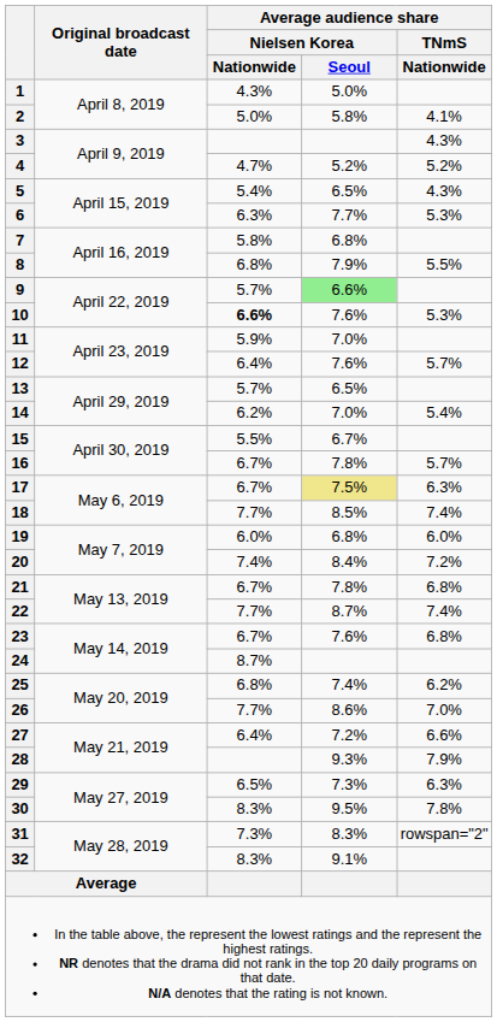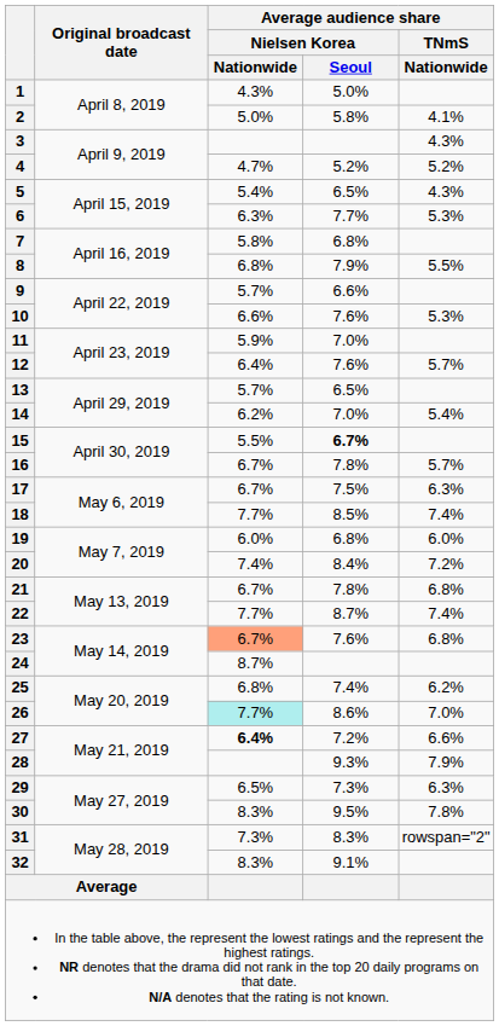 <table class="wikitable" style="text-align:center; width:500px">
 <tr>
 <th rowspan="3"></th>
 <th rowspan="3">Original broadcast date</th>
 <th colspan="3">Average audience share</th>
 </tr>
 <tr>
 <th colspan="2">Nielsen Korea</th>
 <th colspan="1">TNmS</th>
 </tr>
 <tr>
 <th width="90">Nationwide</th>
 <th width="90"><a href='#'>Seoul</a></th>
 <th width="90">Nationwide</th>
 </tr>
 <tr>
 <th>1</th>
 <td rowspan="2">April 8, 2019</td>
 <td>4.3% </td>
 <td>5.0% </td>
 <td></td>
 </tr>
 <tr>
 <th>2</th>
 <td>5.0% </td>
 <td>5.8% </td>
 <td>4.1%</td>
 </tr>
 <tr>
 <th>3</th>
 <td rowspan="2">April 9, 2019</td>
 <td> </td>
 <td> </td>
 <td>4.3%</td>
 </tr>
 <tr>
 <th>4</th>
 <td>4.7% </td>
 <td>5.2% </td>
 <td>5.2%</td>
 </tr>
 <tr>
 <th>5</th>
 <td rowspan="2">April 15, 2019</td>
 <td>5.4% </td>
 <td>6.5% </td>
 <td>4.3%</td>
 </tr>
 <tr>
 <th>6</th>
 <td>6.3% </td>
 <td>7.7% </td>
 <td>5.3%</td>
 </tr>
 <tr>
 <th>7</th>
 <td rowspan="2">April 16, 2019</td>
 <td>5.8% </td>
 <td>6.8% </td>
 <td></td>
 </tr>
 <tr>
 <th>8</th>
 <td>6.8% </td>
 <td>7.9% </td>
 <td>5.5%</td>
 </tr>
 <tr>
 <th>9</th>
 <td rowspan="2">April 22, 2019</td>
 <td>5.7% </td>
-<td style="background: lightgreen;">6.6% </td>
+<td>6.6% </td>
 <td></td>
 </tr>
 <tr>
 <th>10</th>
-<td><strong>6.6% </strong></td>
+<td>6.6% </td>
 <td>7.6% </td>
 <td>5.3%</td>
 </tr>
 <tr>
 <th>11</th>
 <td rowspan="2">April 23, 2019</td>
 <td>5.9% </td>
 <td>7.0% </td>
 <td></td>
 </tr>
 <tr>
 <th>12</th>
 <td>6.4% </td>
 <td>7.6% </td>
 <td>5.7%</td>
 </tr>
 <tr>
 <th>13</th>
 <td rowspan="2">April 29, 2019</td>
 <td>5.7% </td>
 <td>6.5% </td>
 <td></td>
 </tr>
 <tr>
 <th>14</th>
 <td>6.2% </td>
 <td>7.0% </td>
 <td>5.4%</td>
 </tr>
 <tr>
 <th>15</th>
 <td rowspan="2">April 30, 2019</td>
 <td>5.5% </td>
-<td>6.7% </td>
+<td><strong>6.7% </strong></td>
 <td></td>
 </tr>
 <tr>
 <th>16</th>
 <td>6.7% </td>
 <td>7.8% </td>
 <td>5.7%</td>
 </tr>
 <tr>
 <th>17</th>
 <td rowspan="2">May 6, 2019</td>
 <td>6.7% </td>
-<td style="background: khaki;">7.5% </td>
+<td>7.5% </td>
 <td>6.3%</td>
 </tr>
 <tr>
 <th>18</th>
 <td>7.7% </td>
 <td>8.5% </td>
 <td>7.4%</td>
 </tr>
 <tr>
 <th>19</th>
 <td rowspan="2">May 7, 2019</td>
 <td>6.0% </td>
 <td>6.8% </td>
 <td>6.0%</td>
 </tr>
 <tr>
 <th>20</th>
 <td>7.4% </td>
 <td>8.4% </td>
 <td>7.2%</td>
 </tr>
 <tr>
 <th>21</th>
 <td rowspan="2">May 13, 2019</td>
 <td>6.7% </td>
 <td>7.8% </td>
 <td>6.8%</td>
 </tr>
 <tr>
 <th>22</th>
 <td>7.7% </td>
 <td>8.7% </td>
 <td>7.4%</td>
 </tr>
 <tr>
 <th>23</th>
 <td rowspan="2">May 14, 2019</td>
-<td>6.7% </td>
+<td style="background: lightsalmon;">6.7% </td>
 <td>7.6% </td>
 <td>6.8%</td>
 </tr>
 <tr>
 <th>24</th>
 <td>8.7% </td>
 <td> </td>
 <td></td>
 </tr>
 <tr>
 <th>25</th>
 <td rowspan="2">May 20, 2019</td>
 <td>6.8% </td>
 <td>7.4% </td>
 <td>6.2%</td>
 </tr>
 <tr>
 <th>26</th>
-<td>7.7% </td>
+<td style="background: paleturquoise;">7.7% </td>
 <td>8.6% </td>
 <td>7.0%</td>
 </tr>
 <tr>
 <th>27</th>
 <td rowspan="2">May 21, 2019</td>
-<td>6.4% </td>
+<td><strong>6.4% </strong></td>
 <td>7.2% </td>
 <td>6.6%</td>
 </tr>
 <tr>
 <th>28</th>
 <td> </td>
 <td>9.3% </td>
 <td>7.9%</td>
 </tr>
 <tr>
 <th>29</th>
 <td rowspan="2">May 27, 2019</td>
 <td>6.5% </td>
 <td>7.3% </td>
 <td>6.3%</td>
 </tr>
 <tr>
 <th>30</th>
 <td>8.3% </td>
 <td>9.5% </td>
 <td>7.8%</td>
 </tr>
 <tr>
 <th>31</th>
 <td rowspan="2">May 28, 2019</td>
 <td>7.3% </td>
 <td>8.3% </td>
 <td>rowspan="2" </td>
 </tr>
 <tr>
 <th>32</th>
 <td>8.3% </td>
 <td>9.1% </td>
 </tr>
 <tr>
 <th colspan="2">Average</th>
 <th></th>
 <th></th>
 <th></th>
 </tr>
 <tr>
 <td colspan="5" style="font-size:85%"><br><ul><li>In the table above, the <strong></strong> represent the lowest ratings and the <strong></strong> represent the highest ratings.</li><li><strong>NR</strong> denotes that the drama did not rank in the top 20 daily programs on that date.</li><li><strong>N/A</strong> denotes that the rating is not known.</li></ul></td>
 </tr>
 </table>
